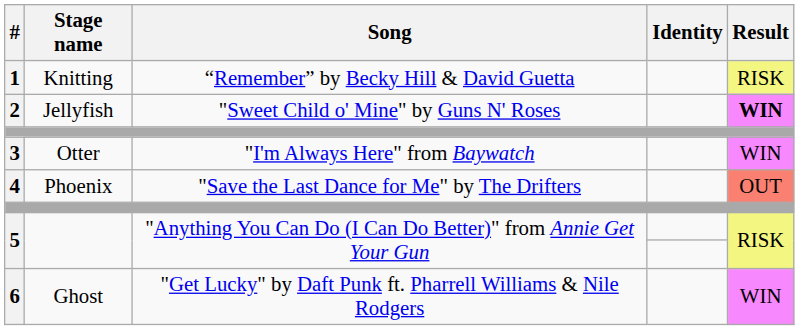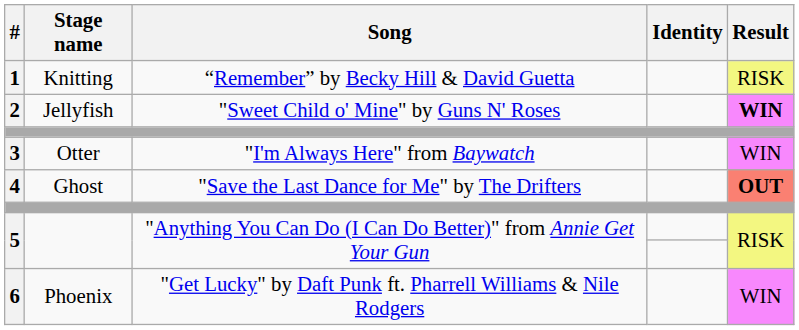 <table class="wikitable plainrowheaders" style="text-align: center;">
 <tr>
 <th>#</th>
 <th>Stage name</th>
 <th>Song</th>
 <th>Identity</th>
 <th>Result</th>
 </tr>
 <tr>
 <th>1</th>
 <td>Knitting</td>
 <td>“<a href='#'>Remember</a>” by <a href='#'>Becky Hill</a> & <a href='#'>David Guetta</a></td>
 <td></td>
 <td bgcolor="#F3F781">RISK</td>
 </tr>
 <tr>
 <th>2</th>
 <td>Jellyfish</td>
 <td>"<a href='#'>Sweet Child o' Mine</a>" by <a href='#'>Guns N' Roses</a></td>
 <td></td>
 <td bgcolor=#F888FD><strong>WIN</strong></td>
 </tr>
 <tr>
 <td colspan="5" style="background:darkgray"></td>
 </tr>
 <tr>
 <th>3</th>
 <td>Otter</td>
 <td>"<a href='#'>I'm Always Here</a>" from <em><a href='#'>Baywatch</a></em></td>
 <td></td>
 <td bgcolor=#F888FD>WIN</td>
 </tr>
 <tr>
 <th>4</th>
-<td>Phoenix</td>
+<td>Ghost</td>
 <td>"<a href='#'>Save the Last Dance for Me</a>" by <a href='#'>The Drifters</a></td>
 <td></td>
-<td bgcolor=" salmon">OUT</td>
+<td bgcolor=" salmon"><strong>OUT</strong></td>
 </tr>
 <tr>
 <td colspan="5" style="background:darkgray"></td>
 </tr>
 <tr>
 <th rowspan=2>5</th>
 <td rowspan=2></td>
 <td rowspan=2>"<a href='#'>Anything You Can Do (I Can Do Better)</a>" from <em><a href='#'>Annie Get Your Gun</a></em></td>
 <td></td>
 <td rowspan=2 bgcolor=#F3F781>RISK</td>
 </tr>
 <tr>
 <td></td>
 </tr>
 <tr>
 <th>6</th>
-<td>Ghost</td>
+<td>Phoenix</td>
 <td>"<a href='#'>Get Lucky</a>" by <a href='#'>Daft Punk</a> ft. <a href='#'>Pharrell Williams</a> & <a href='#'>Nile Rodgers</a></td>
 <td></td>
 <td rowspan=2 bgcolor =#F888FD>WIN</td>
 </tr>
 </table>
